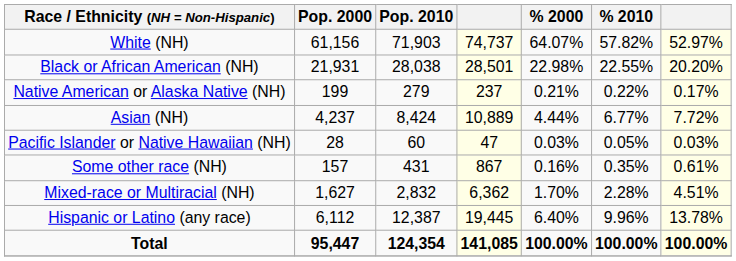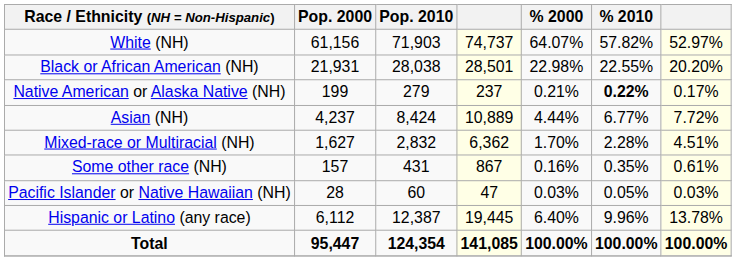 <table class="wikitable" style="text-align:center;">
 <tr>
 <th>Race / Ethnicity <small>(<em>NH = Non-Hispanic</em>)</small></th>
 <th>Pop. 2000</th>
 <th>Pop. 2010</th>
 <th></th>
 <th>% 2000</th>
 <th>% 2010</th>
 <th></th>
 </tr>
 <tr>
 <td><a href='#'>White</a> (NH)</td>
 <td>61,156</td>
 <td>71,903</td>
 <td style='background: #ffffe6;'>74,737</td>
 <td>64.07%</td>
 <td>57.82%</td>
 <td style='background: #ffffe6;'>52.97%</td>
 </tr>
 <tr>
 <td><a href='#'>Black or African American</a> (NH)</td>
 <td>21,931</td>
 <td>28,038</td>
 <td style='background: #ffffe6;'>28,501</td>
 <td>22.98%</td>
 <td>22.55%</td>
 <td style='background: #ffffe6;'>20.20%</td>
 </tr>
 <tr>
 <td><a href='#'>Native American</a> or <a href='#'>Alaska Native</a> (NH)</td>
 <td>199</td>
 <td>279</td>
 <td style='background: #ffffe6;'>237</td>
 <td>0.21%</td>
-<td>0.22%</td>
+<td><strong>0.22%</strong></td>
 <td style='background: #ffffe6;'>0.17%</td>
 </tr>
 <tr>
 <td><a href='#'>Asian</a> (NH)</td>
 <td>4,237</td>
 <td>8,424</td>
 <td style='background: #ffffe6;'>10,889</td>
 <td>4.44%</td>
 <td>6.77%</td>
 <td style='background: #ffffe6;'>7.72%</td>
 </tr>
 <tr>
-<td><a href='#'>Pacific Islander</a> or <a href='#'>Native Hawaiian</a> (NH)</td>
-<td>28</td>
-<td>60</td>
-<td style='background: #ffffe6;'>47</td>
-<td>0.03%</td>
-<td>0.05%</td>
-<td style='background: #ffffe6;'>0.03%</td>
+<td><a href='#'>Mixed-race or Multiracial</a> (NH)</td>
+<td>1,627</td>
+<td>2,832</td>
+<td style='background: #ffffe6;'>6,362</td>
+<td>1.70%</td>
+<td>2.28%</td>
+<td style='background: #ffffe6;'>4.51%</td>
 </tr>
 <tr>
 <td><a href='#'>Some other race</a> (NH)</td>
 <td>157</td>
 <td>431</td>
 <td style='background: #ffffe6;'>867</td>
 <td>0.16%</td>
 <td>0.35%</td>
 <td style='background: #ffffe6;'>0.61%</td>
 </tr>
 <tr>
-<td><a href='#'>Mixed-race or Multiracial</a> (NH)</td>
-<td>1,627</td>
-<td>2,832</td>
-<td style='background: #ffffe6;'>6,362</td>
-<td>1.70%</td>
-<td>2.28%</td>
-<td style='background: #ffffe6;'>4.51%</td>
+<td><a href='#'>Pacific Islander</a> or <a href='#'>Native Hawaiian</a> (NH)</td>
+<td>28</td>
+<td>60</td>
+<td style='background: #ffffe6;'>47</td>
+<td>0.03%</td>
+<td>0.05%</td>
+<td style='background: #ffffe6;'>0.03%</td>
 </tr>
 <tr>
 <td><a href='#'>Hispanic or Latino</a> (any race)</td>
 <td>6,112</td>
 <td>12,387</td>
 <td style='background: #ffffe6;'>19,445</td>
 <td>6.40%</td>
 <td>9.96%</td>
 <td style='background: #ffffe6;'>13.78%</td>
 </tr>
 <tr>
 <td><strong>Total</strong></td>
 <td><strong>95,447</strong></td>
 <td><strong>124,354</strong></td>
 <td style='background: #ffffe6;'><strong>141,085</strong></td>
 <td><strong>100.00%</strong></td>
 <td><strong>100.00%</strong></td>
 <td style='background: #ffffe6;'><strong>100.00%</strong></td>
 </tr>
 <tr>
 </tr>
 </table>
